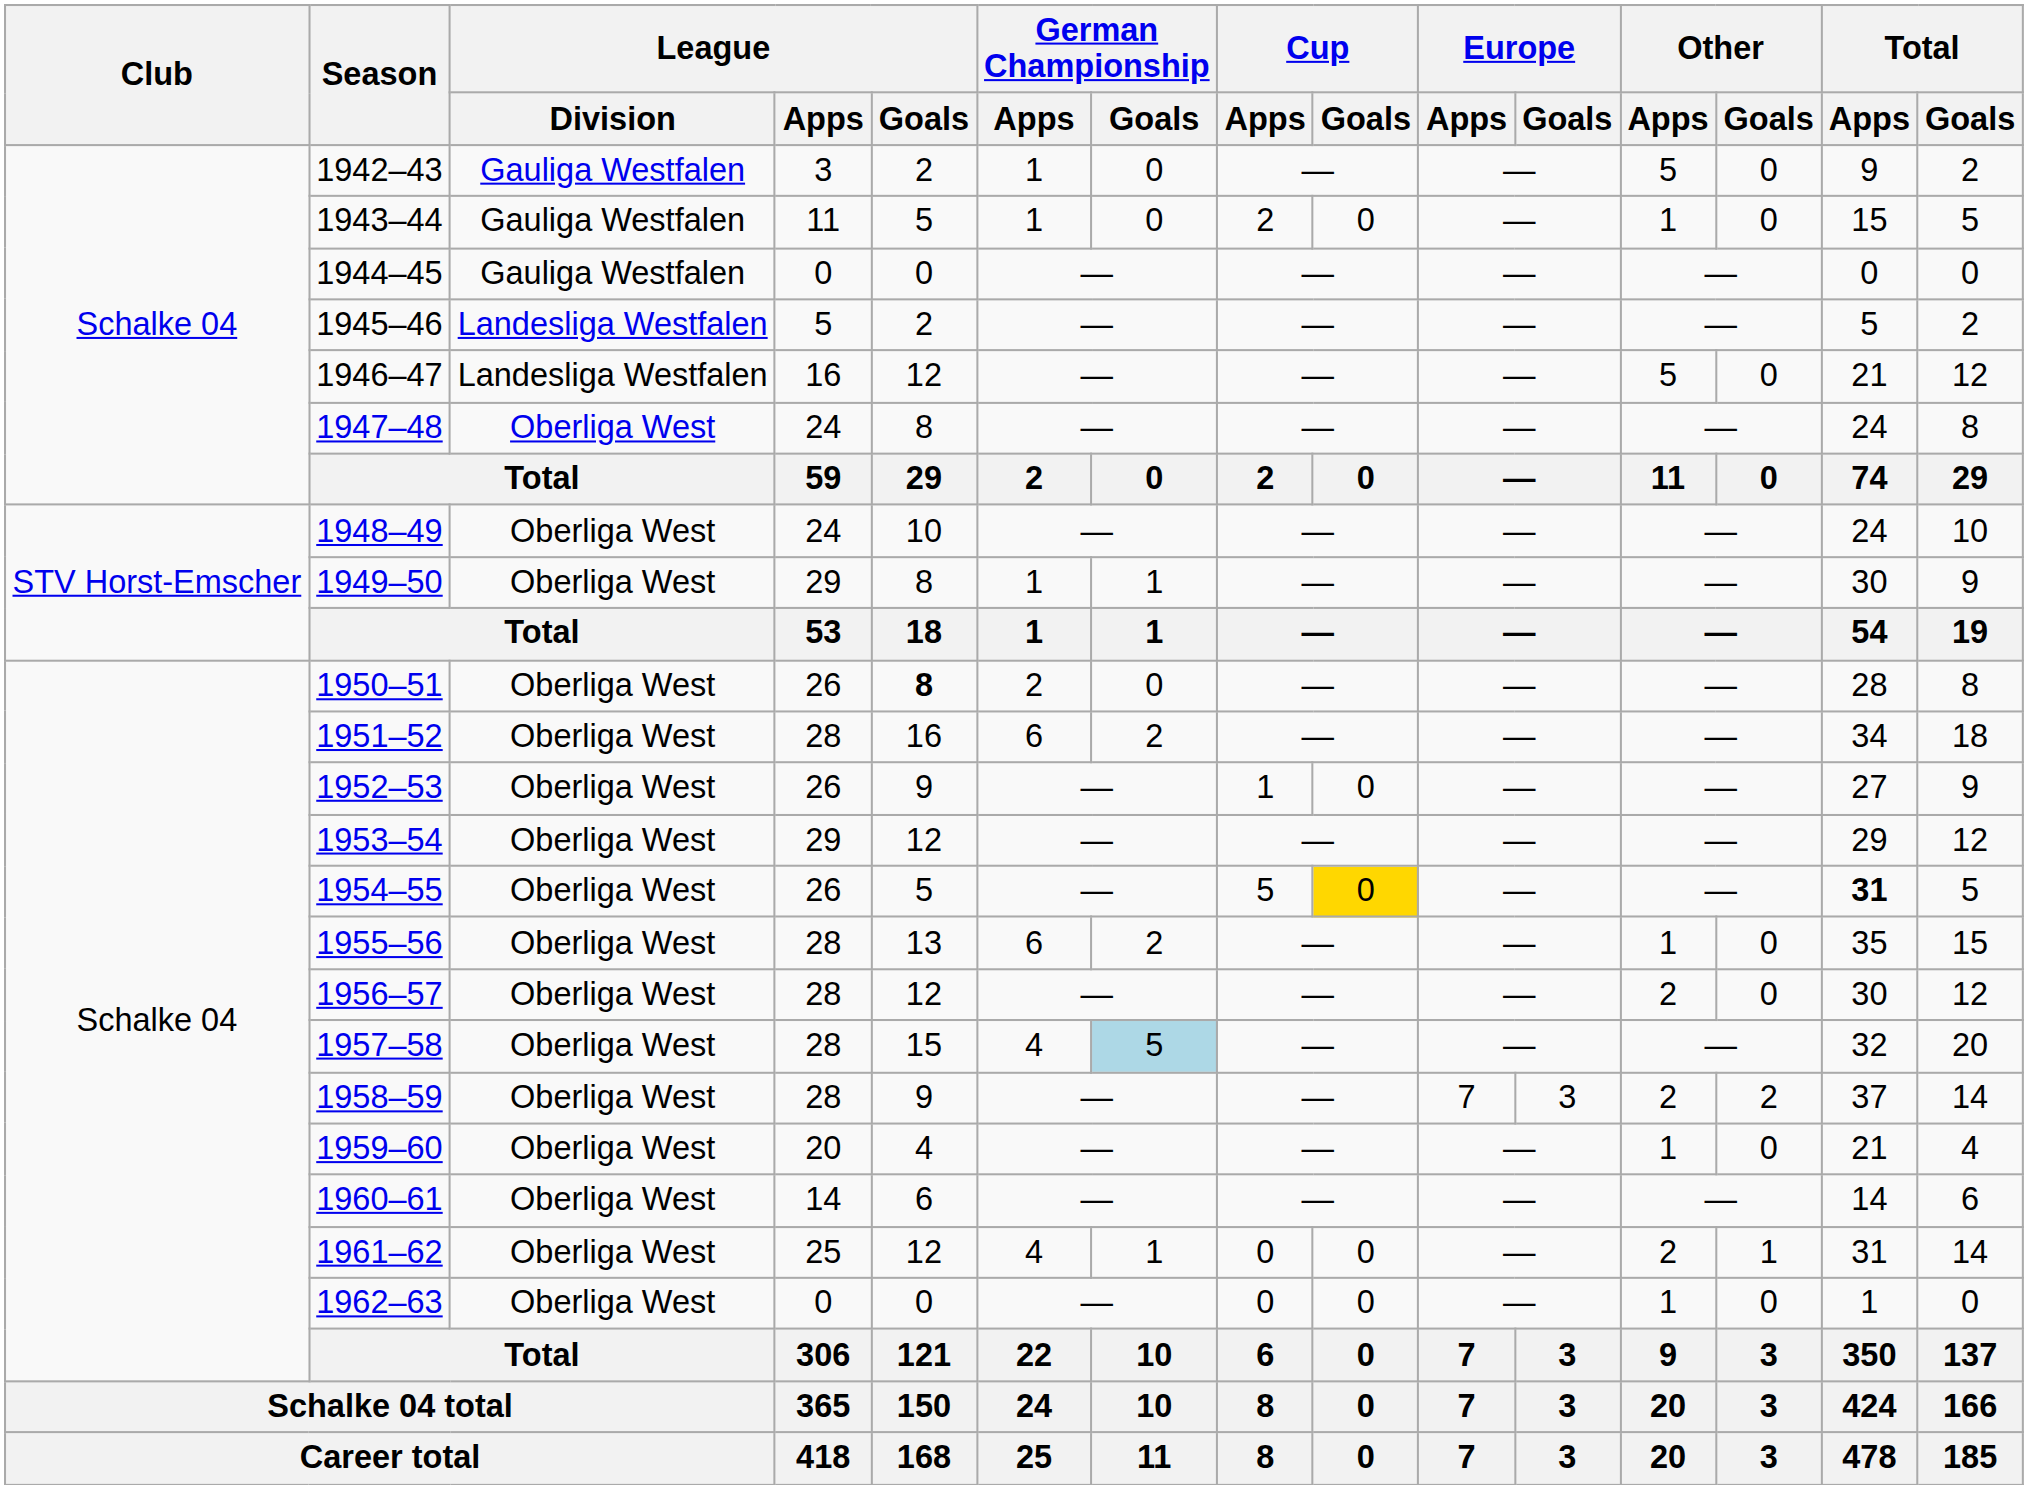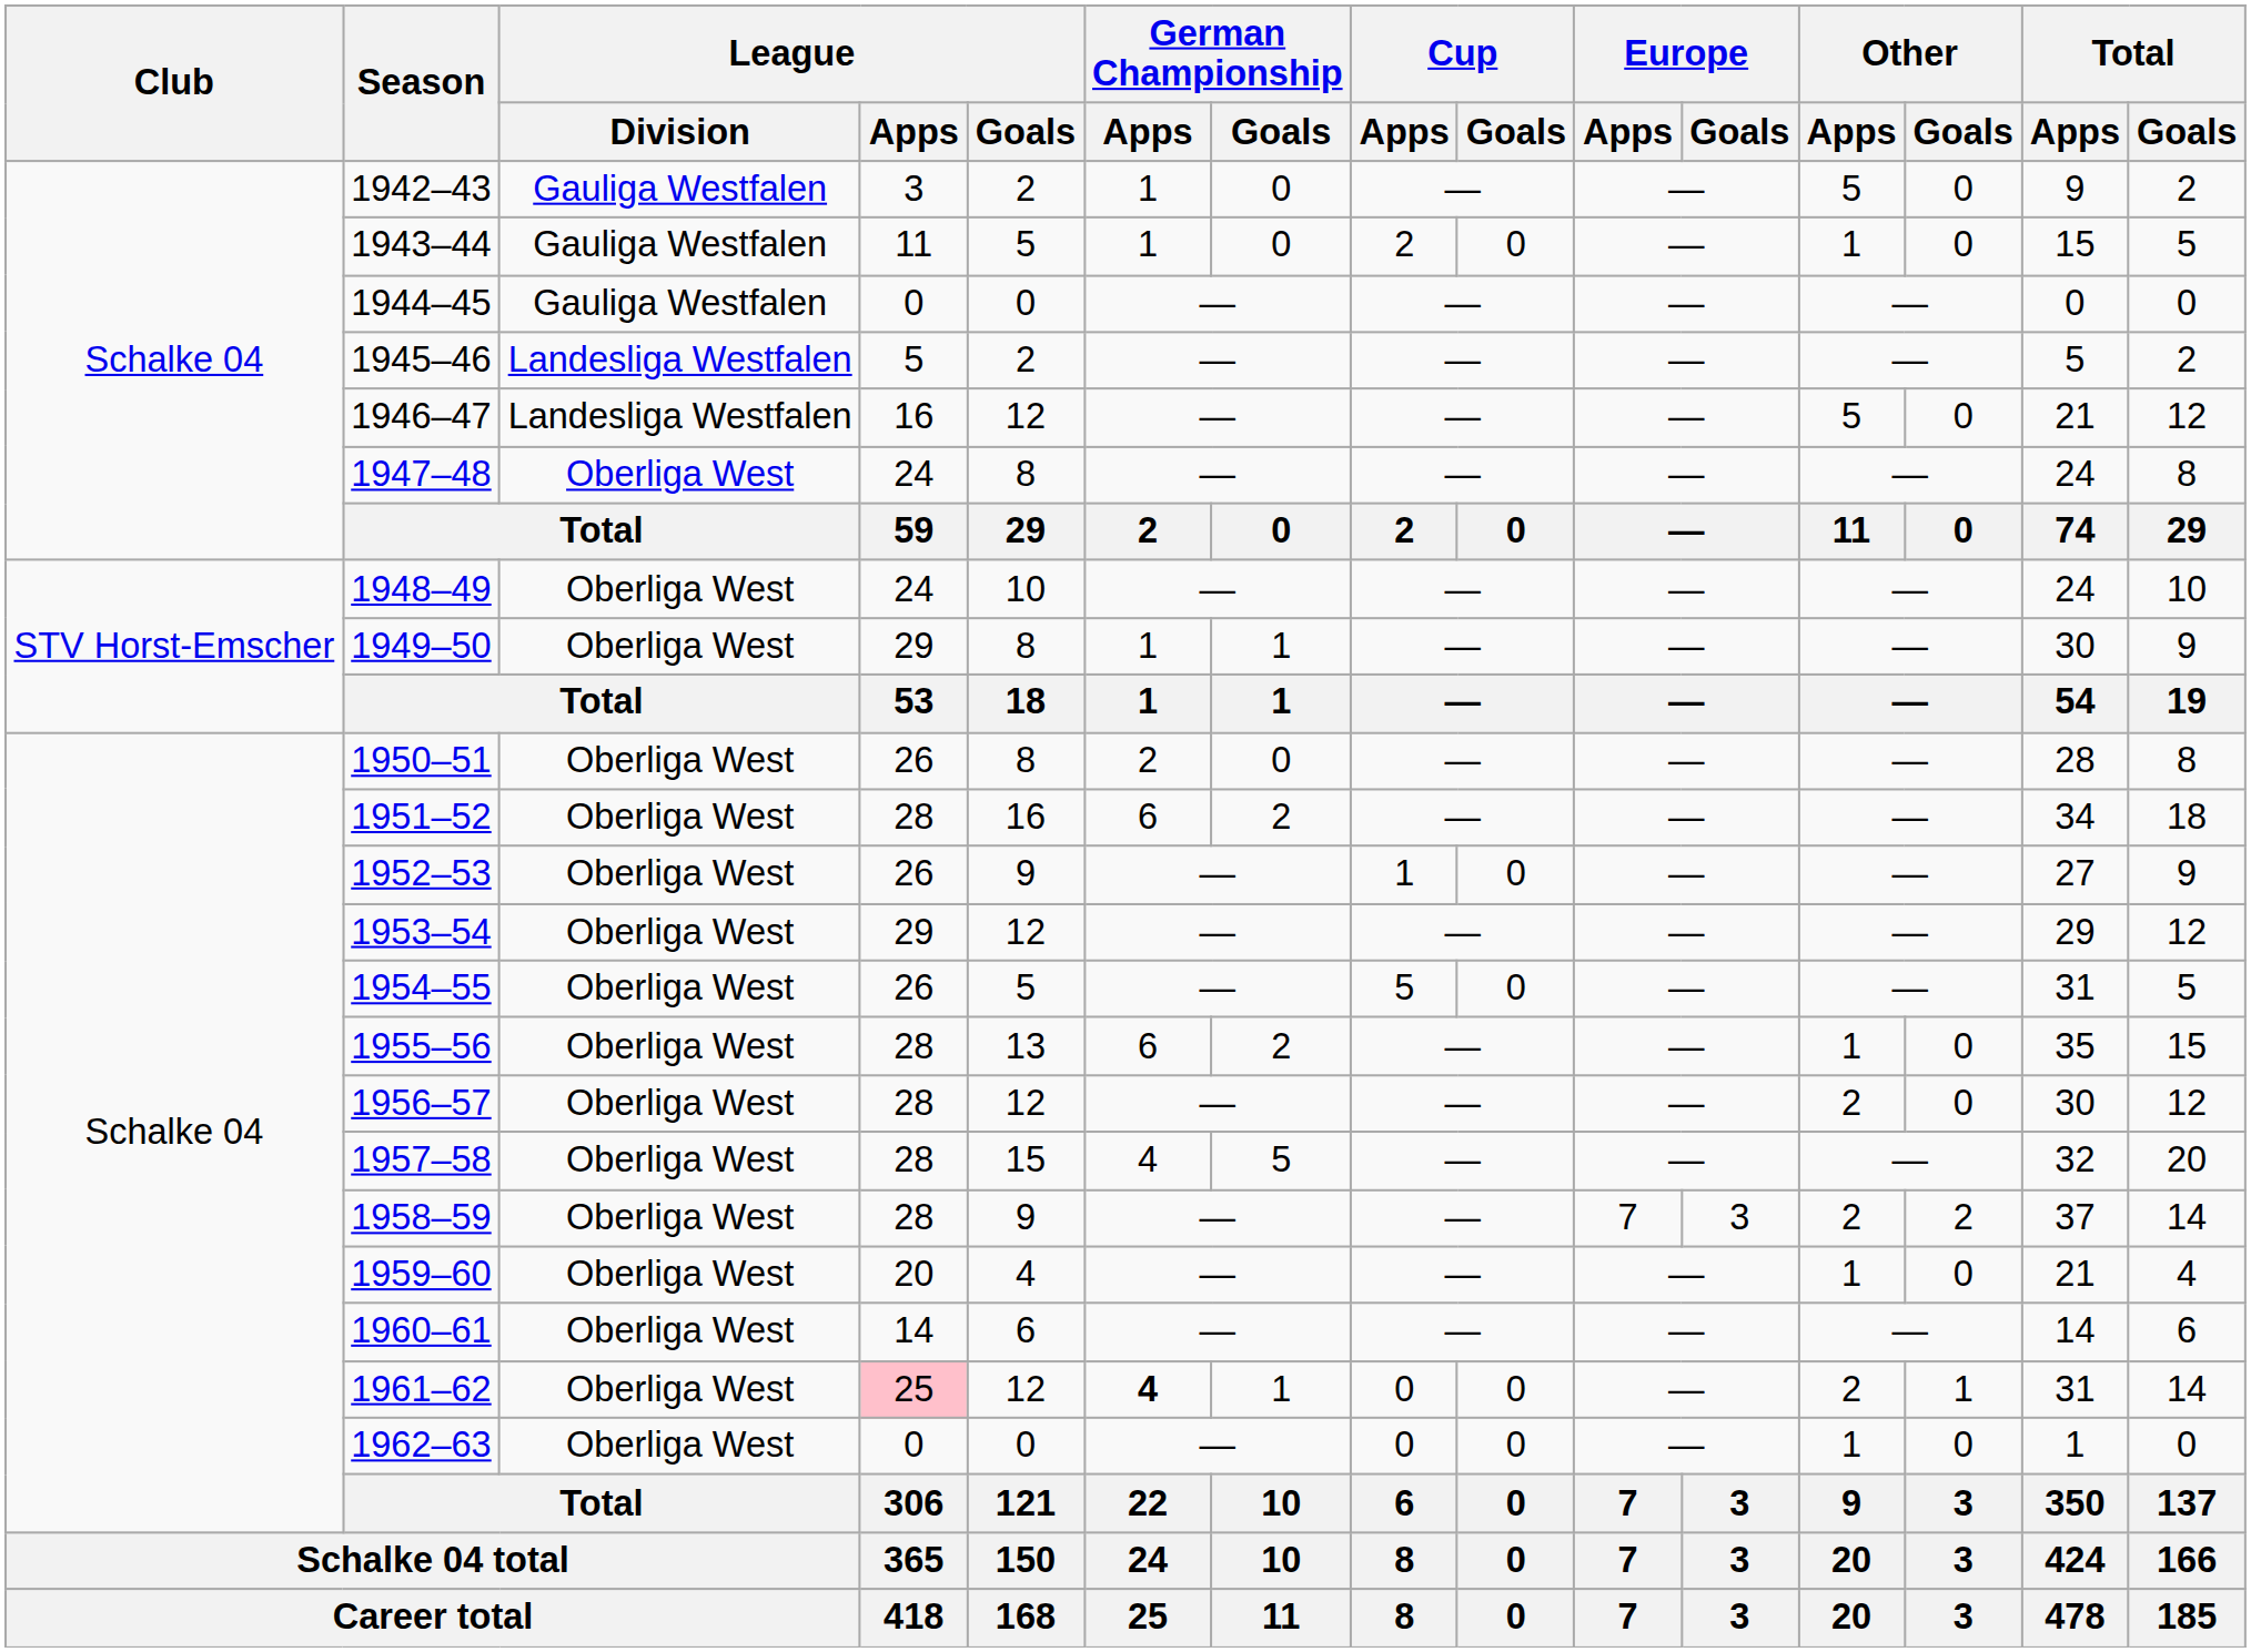 <table class="wikitable" style="text-align:center">
 <tr>
 <th rowspan="2">Club</th>
 <th rowspan="2">Season</th>
 <th colspan="3">League</th>
 <th colspan="2"><a href='#'>German Championship</a></th>
 <th colspan="2"><a href='#'>Cup</a></th>
 <th colspan="2"><a href='#'>Europe</a></th>
 <th colspan="2">Other</th>
 <th colspan="2">Total</th>
 </tr>
 <tr>
 <th>Division</th>
 <th width="40">Apps</th>
 <th width="40">Goals</th>
 <th width="40">Apps</th>
 <th width="40">Goals</th>
 <th width="40">Apps</th>
 <th width="40">Goals</th>
 <th width="40">Apps</th>
 <th width="40">Goals</th>
 <th width="40">Apps</th>
 <th width="40">Goals</th>
 <th width="40">Apps</th>
 <th width="40">Goals</th>
 </tr>
 <tr>
 <td rowspan="7"><a href='#'>Schalke 04</a></td>
 <td>1942–43</td>
 <td><a href='#'>Gauliga Westfalen</a></td>
 <td>3</td>
 <td>2</td>
 <td>1</td>
 <td>0</td>
 <td colspan="2">—</td>
 <td colspan="2">—</td>
 <td>5</td>
 <td>0</td>
 <td>9</td>
 <td>2</td>
 </tr>
 <tr>
 <td>1943–44</td>
 <td>Gauliga Westfalen</td>
 <td>11</td>
 <td>5</td>
 <td>1</td>
 <td>0</td>
 <td>2</td>
 <td>0</td>
 <td colspan="2">—</td>
 <td>1</td>
 <td>0</td>
 <td>15</td>
 <td>5</td>
 </tr>
 <tr>
 <td>1944–45</td>
 <td>Gauliga Westfalen</td>
 <td>0</td>
 <td>0</td>
 <td colspan="2">—</td>
 <td colspan="2">—</td>
 <td colspan="2">—</td>
 <td colspan="2">—</td>
 <td>0</td>
 <td>0</td>
 </tr>
 <tr>
 <td>1945–46</td>
 <td><a href='#'>Landesliga Westfalen</a></td>
 <td>5</td>
 <td>2</td>
 <td colspan="2">—</td>
 <td colspan="2">—</td>
 <td colspan="2">—</td>
 <td colspan="2">—</td>
 <td>5</td>
 <td>2</td>
 </tr>
 <tr>
 <td>1946–47</td>
 <td>Landesliga Westfalen</td>
 <td>16</td>
 <td>12</td>
 <td colspan="2">—</td>
 <td colspan="2">—</td>
 <td colspan="2">—</td>
 <td>5</td>
 <td>0</td>
 <td>21</td>
 <td>12</td>
 </tr>
 <tr>
 <td><a href='#'>1947–48</a></td>
 <td><a href='#'>Oberliga West</a></td>
 <td>24</td>
 <td>8</td>
 <td colspan="2">—</td>
 <td colspan="2">—</td>
 <td colspan="2">—</td>
 <td colspan="2">—</td>
 <td>24</td>
 <td>8</td>
 </tr>
 <tr>
 <th colspan="2">Total</th>
 <th>59</th>
 <th>29</th>
 <th>2</th>
 <th>0</th>
 <th>2</th>
 <th>0</th>
 <th colspan="2">—</th>
 <th>11</th>
 <th>0</th>
 <th>74</th>
 <th>29</th>
 </tr>
 <tr>
 <td rowspan="3"><a href='#'>STV Horst-Emscher</a></td>
 <td><a href='#'>1948–49</a></td>
 <td>Oberliga West</td>
 <td>24</td>
 <td>10</td>
 <td colspan="2">—</td>
 <td colspan="2">—</td>
 <td colspan="2">—</td>
 <td colspan="2">—</td>
 <td>24</td>
 <td>10</td>
 </tr>
 <tr>
 <td><a href='#'>1949–50</a></td>
 <td>Oberliga West</td>
 <td>29</td>
 <td>8</td>
 <td>1</td>
 <td>1</td>
 <td colspan="2">—</td>
 <td colspan="2">—</td>
 <td colspan="2">—</td>
 <td>30</td>
 <td>9</td>
 </tr>
 <tr>
 <th colspan="2">Total</th>
 <th>53</th>
 <th>18</th>
 <th>1</th>
 <th>1</th>
 <th colspan="2">—</th>
 <th colspan="2">—</th>
 <th colspan="2">—</th>
 <th>54</th>
 <th>19</th>
 </tr>
 <tr>
 <td rowspan="14">Schalke 04</td>
 <td><a href='#'>1950–51</a></td>
 <td>Oberliga West</td>
 <td>26</td>
-<td><strong>8</strong></td>
+<td>8</td>
 <td>2</td>
 <td>0</td>
 <td colspan="2">—</td>
 <td colspan="2">—</td>
 <td colspan="2">—</td>
 <td>28</td>
 <td>8</td>
 </tr>
 <tr>
 <td><a href='#'>1951–52</a></td>
 <td>Oberliga West</td>
 <td>28</td>
 <td>16</td>
 <td>6</td>
 <td>2</td>
 <td colspan="2">—</td>
 <td colspan="2">—</td>
 <td colspan="2">—</td>
 <td>34</td>
 <td>18</td>
 </tr>
 <tr>
 <td><a href='#'>1952–53</a></td>
 <td>Oberliga West</td>
 <td>26</td>
 <td>9</td>
 <td colspan="2">—</td>
 <td>1</td>
 <td>0</td>
 <td colspan="2">—</td>
 <td colspan="2">—</td>
 <td>27</td>
 <td>9</td>
 </tr>
 <tr>
 <td><a href='#'>1953–54</a></td>
 <td>Oberliga West</td>
 <td>29</td>
 <td>12</td>
 <td colspan="2">—</td>
 <td colspan="2">—</td>
 <td colspan="2">—</td>
 <td colspan="2">—</td>
 <td>29</td>
 <td>12</td>
 </tr>
 <tr>
 <td><a href='#'>1954–55</a></td>
 <td>Oberliga West</td>
 <td>26</td>
 <td>5</td>
 <td colspan="2">—</td>
 <td>5</td>
-<td style="background: gold;">0</td>
+<td>0</td>
 <td colspan="2">—</td>
 <td colspan="2">—</td>
-<td><strong>31</strong></td>
+<td>31</td>
 <td>5</td>
 </tr>
 <tr>
 <td><a href='#'>1955–56</a></td>
 <td>Oberliga West</td>
 <td>28</td>
 <td>13</td>
 <td>6</td>
 <td>2</td>
 <td colspan="2">—</td>
 <td colspan="2">—</td>
 <td>1</td>
 <td>0</td>
 <td>35</td>
 <td>15</td>
 </tr>
 <tr>
 <td><a href='#'>1956–57</a></td>
 <td>Oberliga West</td>
 <td>28</td>
 <td>12</td>
 <td colspan="2">—</td>
 <td colspan="2">—</td>
 <td colspan="2">—</td>
 <td>2</td>
 <td>0</td>
 <td>30</td>
 <td>12</td>
 </tr>
 <tr>
 <td><a href='#'>1957–58</a></td>
 <td>Oberliga West</td>
 <td>28</td>
 <td>15</td>
 <td>4</td>
-<td style="background: lightblue;">5</td>
+<td>5</td>
 <td colspan="2">—</td>
 <td colspan="2">—</td>
 <td colspan="2">—</td>
 <td>32</td>
 <td>20</td>
 </tr>
 <tr>
 <td><a href='#'>1958–59</a></td>
 <td>Oberliga West</td>
 <td>28</td>
 <td>9</td>
 <td colspan="2">—</td>
 <td colspan="2">—</td>
 <td>7</td>
 <td>3</td>
 <td>2</td>
 <td>2</td>
 <td>37</td>
 <td>14</td>
 </tr>
 <tr>
 <td><a href='#'>1959–60</a></td>
 <td>Oberliga West</td>
 <td>20</td>
 <td>4</td>
 <td colspan="2">—</td>
 <td colspan="2">—</td>
 <td colspan="2">—</td>
 <td>1</td>
 <td>0</td>
 <td>21</td>
 <td>4</td>
 </tr>
 <tr>
 <td><a href='#'>1960–61</a></td>
 <td>Oberliga West</td>
 <td>14</td>
 <td>6</td>
 <td colspan="2">—</td>
 <td colspan="2">—</td>
 <td colspan="2">—</td>
 <td colspan="2">—</td>
 <td>14</td>
 <td>6</td>
 </tr>
 <tr>
 <td><a href='#'>1961–62</a></td>
 <td>Oberliga West</td>
-<td>25</td>
+<td style="background: pink;">25</td>
 <td>12</td>
-<td>4</td>
+<td><strong>4</strong></td>
 <td>1</td>
 <td>0</td>
 <td>0</td>
 <td colspan="2">—</td>
 <td>2</td>
 <td>1</td>
 <td>31</td>
 <td>14</td>
 </tr>
 <tr>
 <td><a href='#'>1962–63</a></td>
 <td>Oberliga West</td>
 <td>0</td>
 <td>0</td>
 <td colspan="2">—</td>
 <td>0</td>
 <td>0</td>
 <td colspan="2">—</td>
 <td>1</td>
 <td>0</td>
 <td>1</td>
 <td>0</td>
 </tr>
 <tr>
 <th colspan="2">Total</th>
 <th>306</th>
 <th>121</th>
 <th>22</th>
 <th>10</th>
 <th>6</th>
 <th>0</th>
 <th>7</th>
 <th>3</th>
 <th>9</th>
 <th>3</th>
 <th>350</th>
 <th>137</th>
 </tr>
 <tr>
 <th colspan="3">Schalke 04 total</th>
 <th>365</th>
 <th>150</th>
 <th>24</th>
 <th>10</th>
 <th>8</th>
 <th>0</th>
 <th>7</th>
 <th>3</th>
 <th>20</th>
 <th>3</th>
 <th>424</th>
 <th>166</th>
 </tr>
 <tr>
 <th colspan="3">Career total</th>
 <th>418</th>
 <th>168</th>
 <th>25</th>
 <th>11</th>
 <th>8</th>
 <th>0</th>
 <th>7</th>
 <th>3</th>
 <th>20</th>
 <th>3</th>
 <th>478</th>
 <th>185</th>
 </tr>
 </table>
